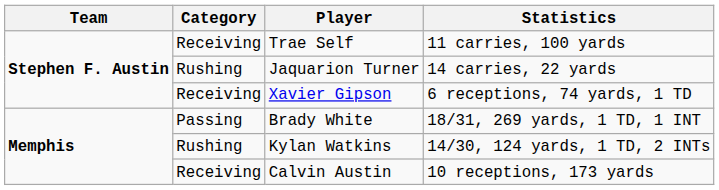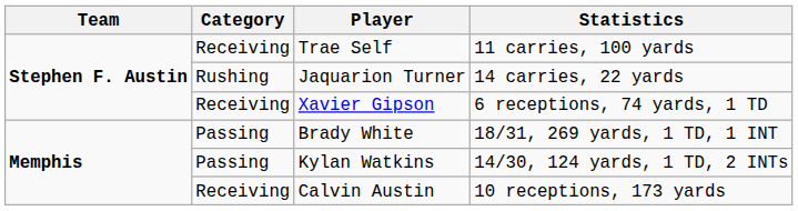 <table class="wikitable" style="float: left;">
 <tr>
 <th>Team</th>
 <th>Category</th>
 <th>Player</th>
 <th>Statistics</th>
 </tr>
 <tr>
 <td rowspan=3><strong>Stephen F. Austin</strong></td>
 <td>Receiving</td>
 <td>Trae Self</td>
 <td>11 carries, 100 yards</td>
 </tr>
 <tr>
 <td>Rushing</td>
 <td>Jaquarion Turner</td>
 <td>14 carries, 22 yards</td>
 </tr>
 <tr>
 <td>Receiving</td>
 <td><a href='#'>Xavier Gipson</a></td>
 <td>6 receptions, 74 yards, 1 TD</td>
 </tr>
 <tr>
 <td rowspan=3><strong>Memphis</strong></td>
 <td>Passing</td>
 <td>Brady White</td>
 <td>18/31, 269 yards, 1 TD, 1 INT</td>
 </tr>
 <tr>
-<td>Rushing</td>
+<td>Passing</td>
 <td>Kylan Watkins</td>
 <td>14/30, 124 yards, 1 TD, 2 INTs</td>
 </tr>
 <tr>
 <td>Receiving</td>
 <td>Calvin Austin</td>
 <td>10 receptions, 173 yards</td>
 </tr>
 </table>
